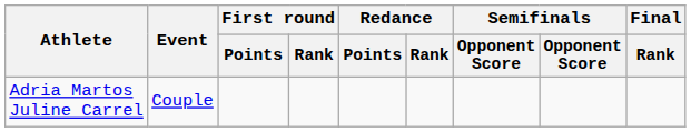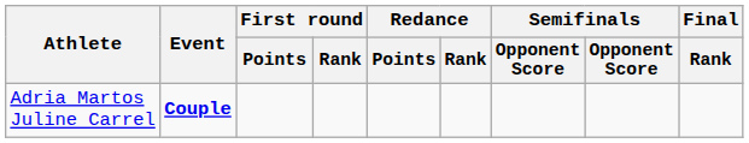 <table class=wikitable style="font-size:90%">
 <tr>
 <th rowspan="2">Athlete</th>
 <th rowspan="2">Event</th>
 <th colspan="2">First round</th>
 <th colspan="2">Redance</th>
 <th colspan="2">Semifinals</th>
 <th colspan="2">Final</th>
 </tr>
 <tr style="font-size:95%">
 <th>Points</th>
 <th>Rank</th>
 <th>Points</th>
 <th>Rank</th>
 <th>Opponent<br>Score</th>
 <th>Opponent<br>Score</th>
 <th>Rank</th>
 </tr>
 <tr align=center>
 <td align=left><a href='#'>Adria Martos</a><br><a href='#'>Juline Carrel</a></td>
-<td align=left><a href='#'>Couple</a></td>
+<td align=left><strong><a href='#'>Couple</a></strong></td>
 <td></td>
 <td></td>
 <td></td>
 <td></td>
 <td></td>
 <td></td>
 <td></td>
 </tr>
 </table>
